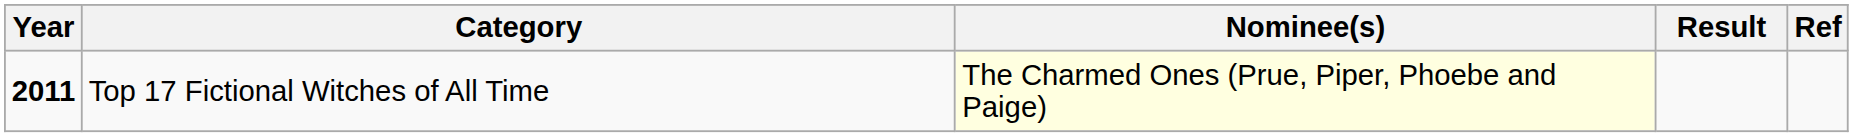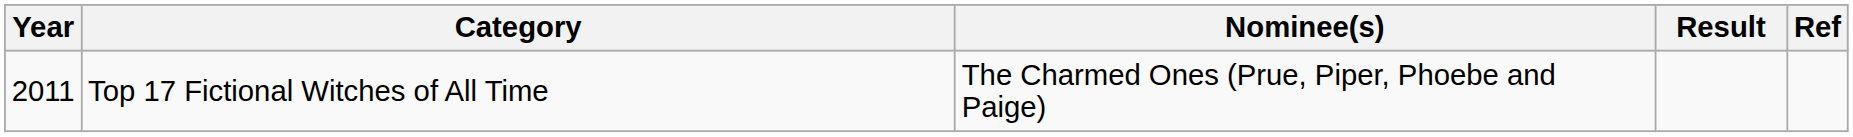 <table class="wikitable">
 <tr>
 <th>Year</th>
 <th width=470>Category</th>
 <th width=375>Nominee(s)</th>
 <th width=65>Result</th>
 <th>Ref</th>
 </tr>
 <tr>
-<td><strong>2011</strong></td>
+<td>2011</td>
 <td>Top 17 Fictional Witches of All Time</td>
-<td style="background: lightyellow;">The Charmed Ones (Prue, Piper, Phoebe and Paige)</td>
+<td>The Charmed Ones (Prue, Piper, Phoebe and Paige)</td>
 <td></td>
 <td></td>
 </tr>
 </table>
